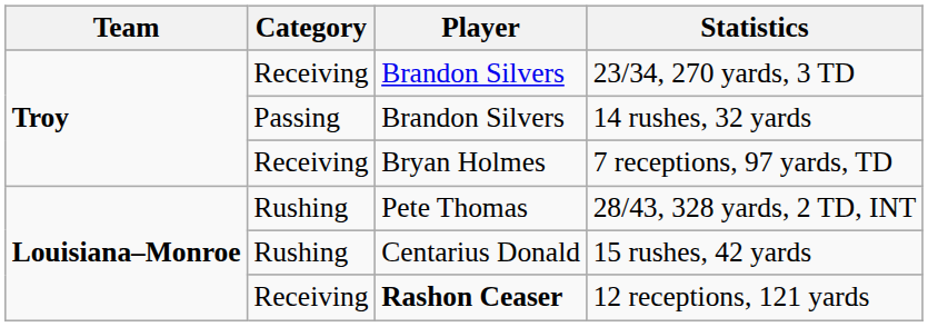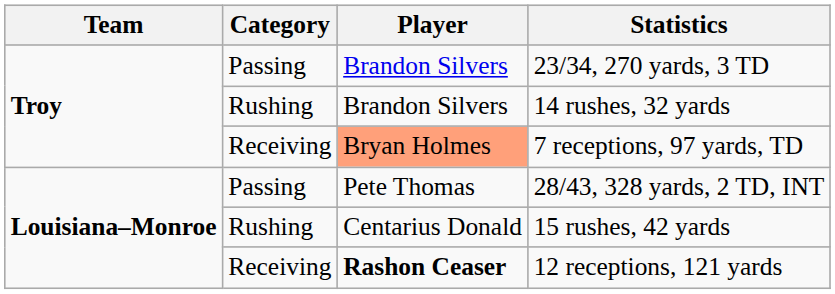 <table class="wikitable" style="float: left;">
 <tr>
 <th>Team</th>
 <th>Category</th>
 <th>Player</th>
 <th>Statistics</th>
 </tr>
 <tr>
 <td rowspan=3><strong>Troy</strong></td>
-<td>Receiving</td>
+<td>Passing</td>
 <td><a href='#'>Brandon Silvers</a></td>
 <td>23/34, 270 yards, 3 TD</td>
 </tr>
 <tr>
-<td>Passing</td>
+<td>Rushing</td>
 <td>Brandon Silvers</td>
 <td>14 rushes, 32 yards</td>
 </tr>
 <tr>
 <td>Receiving</td>
-<td>Bryan Holmes</td>
+<td style="background: lightsalmon;">Bryan Holmes</td>
 <td>7 receptions, 97 yards, TD</td>
 </tr>
 <tr>
 <td rowspan=3><strong>Louisiana–Monroe</strong></td>
-<td>Rushing</td>
+<td>Passing</td>
 <td>Pete Thomas</td>
 <td>28/43, 328 yards, 2 TD, INT</td>
 </tr>
 <tr>
 <td>Rushing</td>
 <td>Centarius Donald</td>
 <td>15 rushes, 42 yards</td>
 </tr>
 <tr>
 <td>Receiving</td>
 <td><strong>Rashon Ceaser</strong></td>
 <td>12 receptions, 121 yards</td>
 </tr>
 </table>
